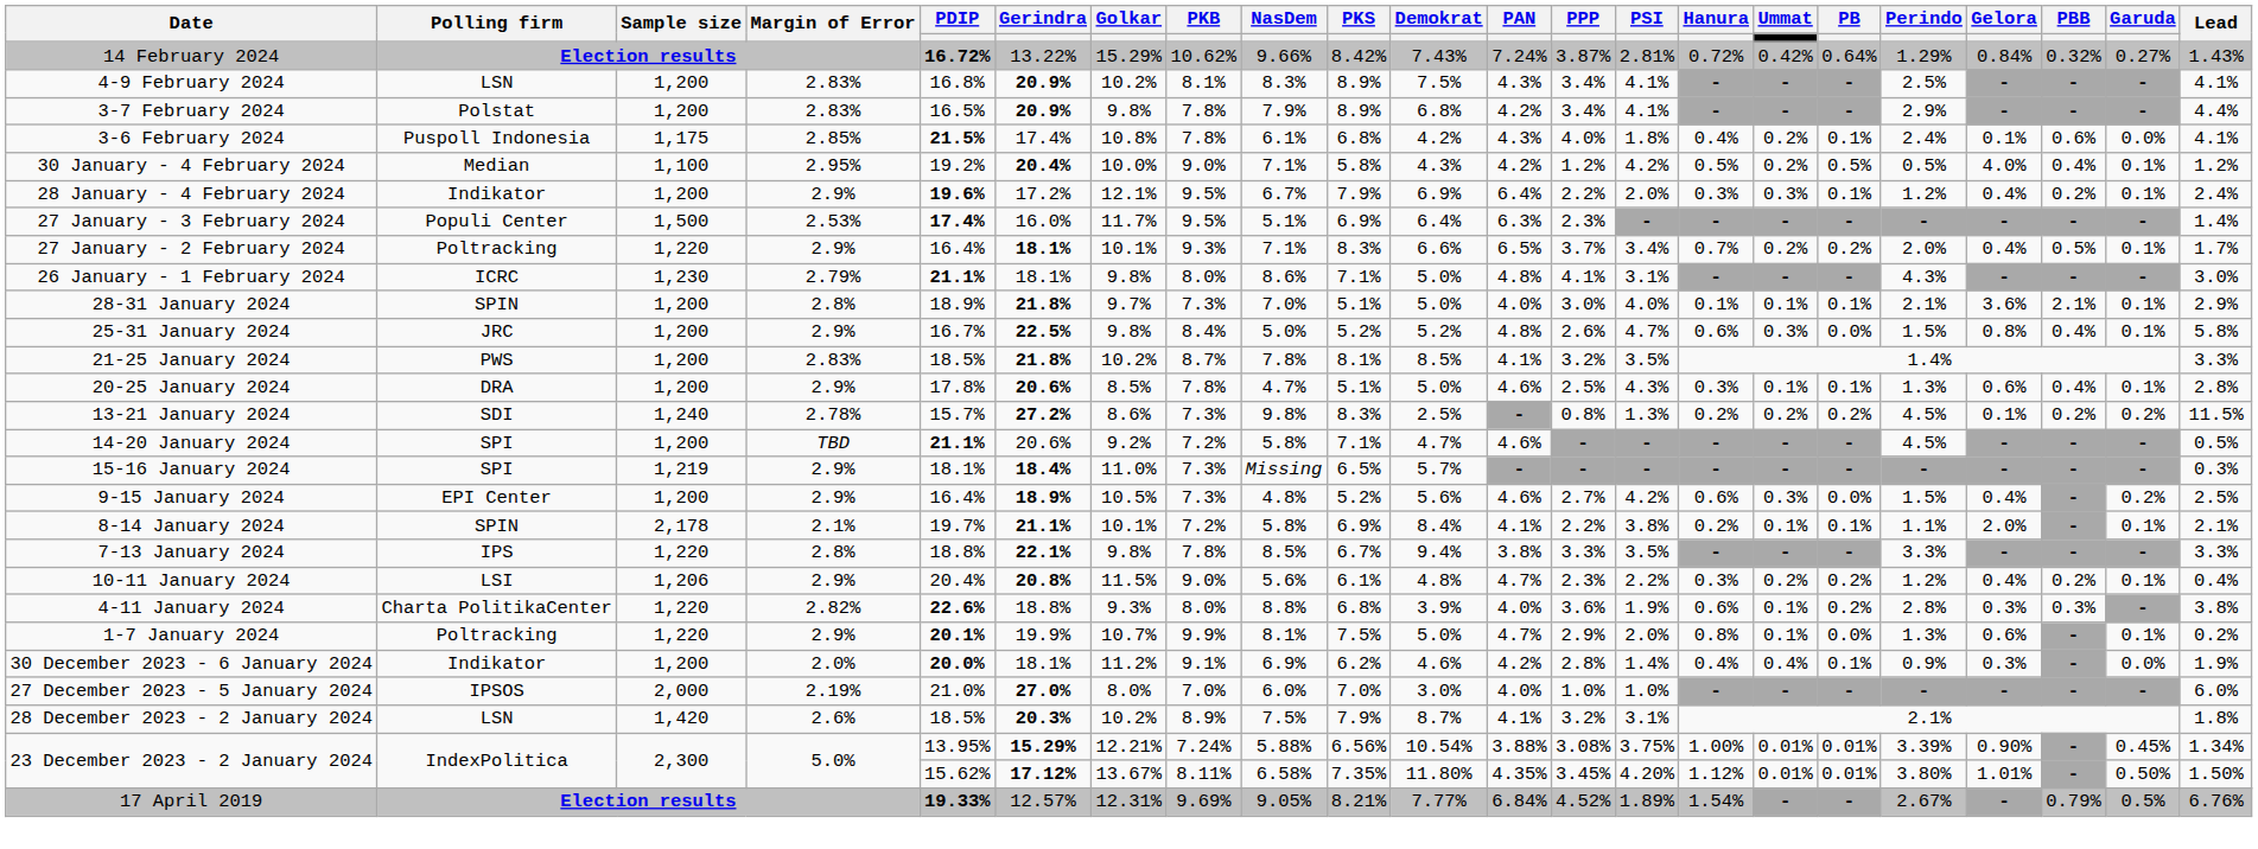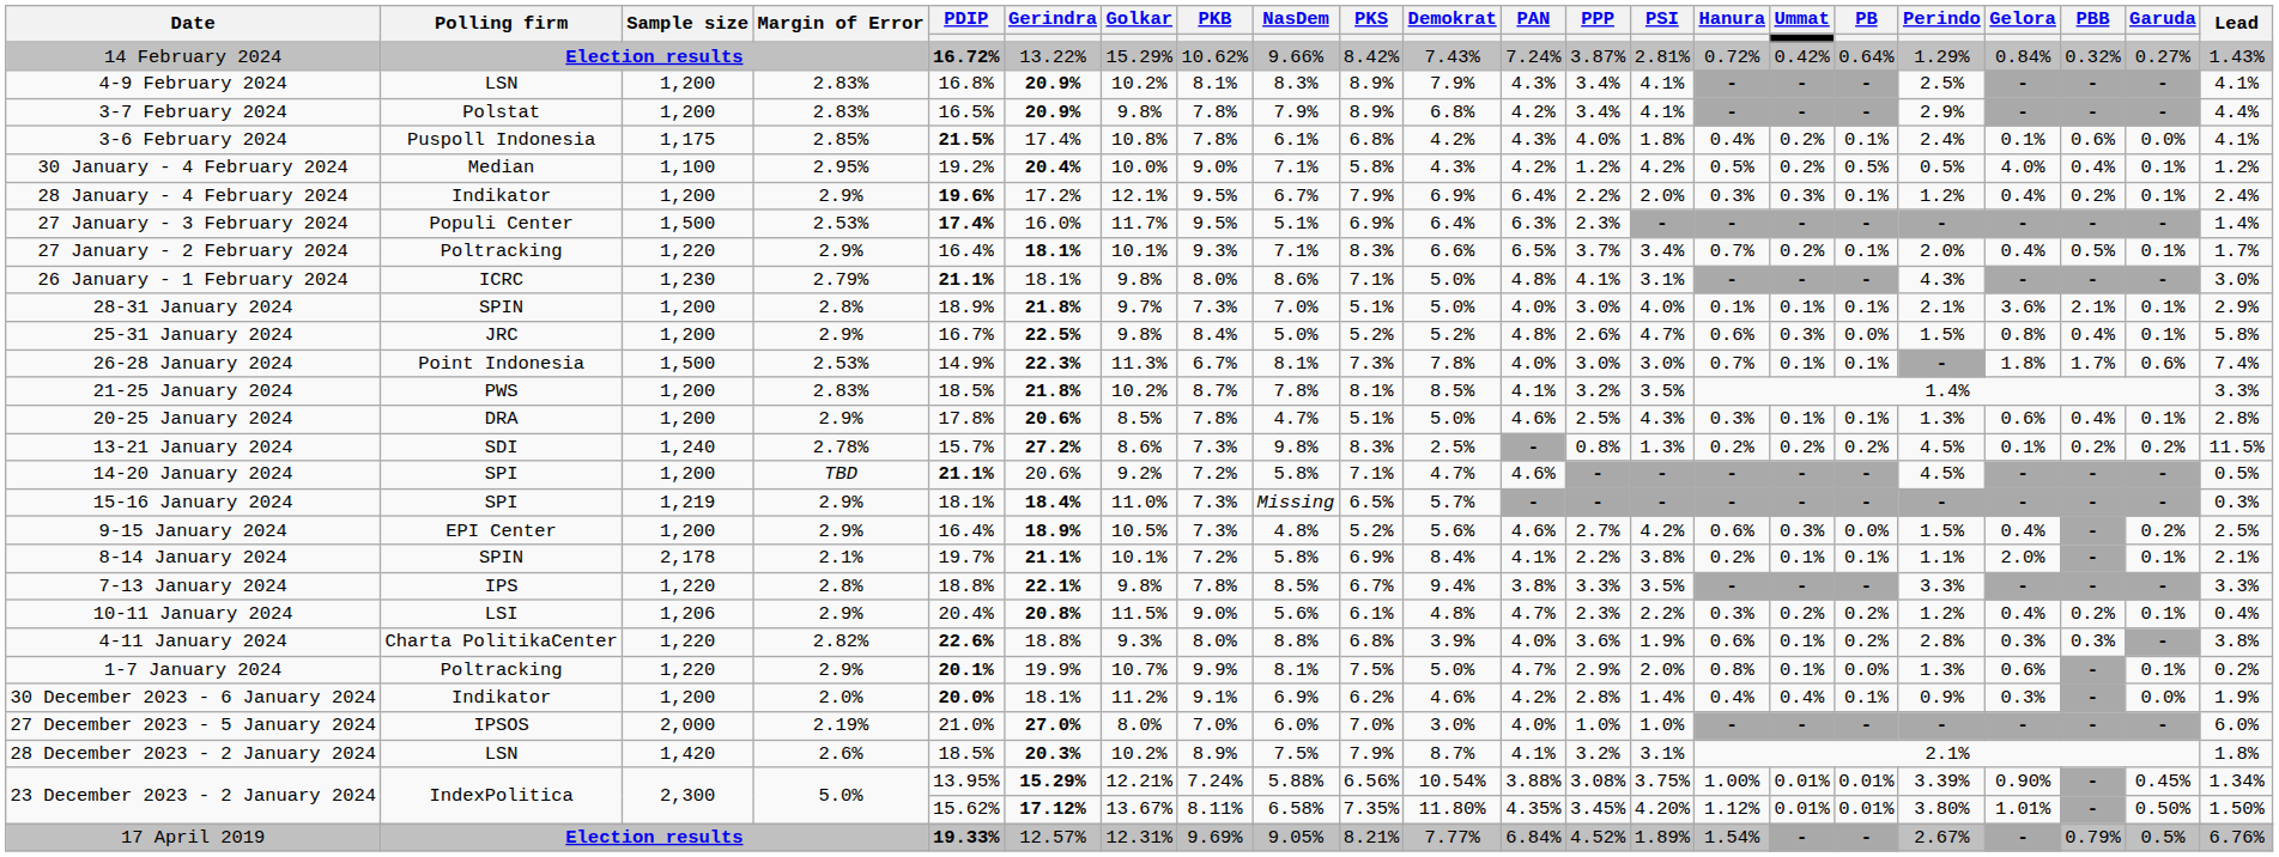 <table class="wikitable sortable" style="text-align:center;font-size:90%;line-height:12px">
 <tr>
 <th rowspan="2">Date</th>
 <th rowspan="2">Polling firm</th>
 <th rowspan="2">Sample size</th>
 <th rowspan="2">Margin of Error</th>
 <th><a href='#'>PDIP</a></th>
 <th><a href='#'>Gerindra</a></th>
 <th><a href='#'>Golkar</a></th>
 <th><a href='#'>PKB</a></th>
 <th><a href='#'>NasDem</a></th>
 <th><a href='#'>PKS</a></th>
 <th><a href='#'>Demokrat</a></th>
 <th><a href='#'>PAN</a></th>
 <th><a href='#'>PPP</a></th>
 <th><a href='#'>PSI</a></th>
 <th><a href='#'>Hanura</a></th>
 <th><a href='#'>Ummat</a></th>
 <th><a href='#'>PB</a></th>
 <th><a href='#'>Perindo</a></th>
 <th><a href='#'>Gelora</a></th>
 <th><a href='#'>PBB</a></th>
 <th><a href='#'>Garuda</a></th>
 <th style="width:40px;" rowspan="2">Lead</th>
 </tr>
 <tr>
 <th style="background:"></th>
 <th style="background:"></th>
 <th style="background:"></th>
 <th style="background:"></th>
 <th style="background:"></th>
 <th style="background:"></th>
 <th style="background:"></th>
 <th style="background:"></th>
 <th style="background:"></th>
 <th style="background:"></th>
 <th style="background:"></th>
 <th style="background:#000000"></th>
 <th style="background:"></th>
 <th style="background:"></th>
 <th style="background:"></th>
 <th style="background:"></th>
 <th style="background:"></th>
 </tr>
 <tr style=background:silver>
 <td>14 February 2024</td>
 <td colspan=3><strong><a href='#'>Election results</a></strong></td>
 <td style="background-color:#"><strong>16.72%</strong></td>
 <td>13.22%</td>
 <td>15.29%</td>
 <td>10.62%</td>
 <td>9.66%</td>
 <td>8.42%</td>
 <td>7.43%</td>
 <td>7.24%</td>
 <td>3.87%</td>
 <td>2.81%</td>
 <td>0.72%</td>
 <td>0.42%</td>
 <td>0.64%</td>
 <td>1.29%</td>
 <td>0.84%</td>
 <td>0.32%</td>
 <td>0.27%</td>
 <td style="background:">1.43%</td>
 </tr>
 <tr>
 <td>4-9 February 2024</td>
 <td>LSN</td>
 <td>1,200</td>
 <td>2.83%</td>
 <td>16.8% </td>
 <td style="background-color:#"><strong>20.9%</strong> </td>
 <td>10.2% </td>
 <td>8.1% </td>
 <td>8.3%</td>
 <td>8.9% </td>
-<td>7.5% </td>
+<td>7.9% </td>
 <td>4.3% </td>
 <td>3.4% </td>
 <td>4.1% </td>
 <td style="background:#A9A9A9"><strong>-</strong> </td>
 <td style="background:#A9A9A9"><strong>-</strong> </td>
 <td style="background:#A9A9A9"><strong>-</strong> </td>
 <td>2.5% </td>
 <td style="background:#A9A9A9"><strong>-</strong> </td>
 <td style="background:#A9A9A9"><strong>-</strong> </td>
 <td style="background:#A9A9A9"><strong>-</strong> </td>
 <td style="background:">4.1%</td>
 </tr>
 <tr>
 <td>3-7 February 2024</td>
 <td>Polstat</td>
 <td>1,200</td>
 <td>2.83%</td>
 <td>16.5% </td>
 <td style="background-color:#"><strong>20.9%</strong> </td>
 <td>9.8% </td>
 <td>7.8% </td>
 <td>7.9%</td>
 <td>8.9% </td>
 <td>6.8% </td>
 <td>4.2% </td>
 <td>3.4% </td>
 <td>4.1% </td>
 <td style="background:#A9A9A9"><strong>-</strong> </td>
 <td style="background:#A9A9A9"><strong>-</strong> </td>
 <td style="background:#A9A9A9"><strong>-</strong> </td>
 <td>2.9% </td>
 <td style="background:#A9A9A9"><strong>-</strong> </td>
 <td style="background:#A9A9A9"><strong>-</strong> </td>
 <td style="background:#A9A9A9"><strong>-</strong> </td>
 <td style="background:">4.4%</td>
 </tr>
 <tr>
 <td>3-6 February 2024</td>
 <td>Puspoll Indonesia</td>
 <td>1,175</td>
 <td>2.85%</td>
 <td style="background-color:#"><strong>21.5%</strong> </td>
 <td>17.4% </td>
 <td>10.8% </td>
 <td>7.8% </td>
 <td>6.1%</td>
 <td>6.8% </td>
 <td>4.2% </td>
 <td>4.3% </td>
 <td>4.0% </td>
 <td>1.8% </td>
 <td>0.4% </td>
 <td>0.2% </td>
 <td>0.1% </td>
 <td>2.4% </td>
 <td>0.1% </td>
 <td>0.6% </td>
 <td>0.0% </td>
 <td style="background:">4.1%</td>
 </tr>
 <tr>
 <td>30 January - 4 February 2024</td>
 <td>Median</td>
 <td>1,100</td>
 <td>2.95%</td>
 <td>19.2% </td>
 <td style="background-color:#"><strong>20.4%</strong> </td>
 <td>10.0% </td>
 <td>9.0% </td>
 <td>7.1%</td>
 <td>5.8% </td>
 <td>4.3% </td>
 <td>4.2% </td>
 <td>1.2% </td>
 <td>4.2% </td>
 <td>0.5% </td>
 <td>0.2% </td>
 <td>0.5% </td>
 <td>0.5% </td>
 <td>4.0% </td>
 <td>0.4% </td>
 <td>0.1% </td>
 <td style="background:">1.2%</td>
 </tr>
 <tr>
 <td>28 January - 4 February 2024</td>
 <td>Indikator</td>
 <td>1,200</td>
 <td>2.9%</td>
 <td style="background-color:#"><strong>19.6%</strong> </td>
 <td>17.2% </td>
 <td>12.1% </td>
 <td>9.5% </td>
 <td>6.7%</td>
 <td>7.9% </td>
 <td>6.9% </td>
 <td>6.4% </td>
 <td>2.2% </td>
 <td>2.0% </td>
 <td>0.3% </td>
 <td>0.3% </td>
 <td>0.1% </td>
 <td>1.2% </td>
 <td>0.4% </td>
 <td>0.2% </td>
 <td>0.1% </td>
 <td style="background:">2.4%</td>
 </tr>
 <tr>
 <td>27 January - 3 February 2024</td>
 <td>Populi Center</td>
 <td>1,500</td>
 <td>2.53%</td>
 <td style="background-color:#"><strong>17.4%</strong> </td>
 <td>16.0% </td>
 <td>11.7% </td>
 <td>9.5% </td>
 <td>5.1%</td>
 <td>6.9% </td>
 <td>6.4% </td>
 <td>6.3% </td>
 <td>2.3% </td>
 <td style="background:#A9A9A9"><strong>-</strong> </td>
 <td style="background:#A9A9A9"><strong>-</strong> </td>
 <td style="background:#A9A9A9"><strong>-</strong> </td>
 <td style="background:#A9A9A9"><strong>-</strong> </td>
 <td style="background:#A9A9A9"><strong>-</strong> </td>
 <td style="background:#A9A9A9"><strong>-</strong> </td>
 <td style="background:#A9A9A9"><strong>-</strong> </td>
 <td style="background:#A9A9A9"><strong>-</strong> </td>
 <td style="background:">1.4%</td>
 </tr>
 <tr>
 <td>27 January - 2 February 2024</td>
 <td>Poltracking</td>
 <td>1,220</td>
 <td>2.9%</td>
 <td>16.4% </td>
 <td style="background-color:#"><strong>18.1%</strong> </td>
 <td>10.1% </td>
 <td>9.3% </td>
 <td>7.1%</td>
 <td>8.3% </td>
 <td>6.6% </td>
 <td>6.5% </td>
 <td>3.7% </td>
 <td>3.4% </td>
 <td>0.7% </td>
 <td>0.2% </td>
-<td>0.2%</td>
+<td>0.1% </td>
 <td>2.0% </td>
 <td>0.4% </td>
 <td>0.5% </td>
 <td>0.1% </td>
 <td style="background:">1.7%</td>
 </tr>
 <tr>
 <td>26 January - 1 February 2024</td>
 <td>ICRC</td>
 <td>1,230</td>
 <td>2.79%</td>
 <td style="background-color:#"><strong>21.1%</strong> </td>
 <td>18.1% </td>
 <td>9.8% </td>
 <td>8.0% </td>
 <td>8.6%</td>
 <td>7.1% </td>
 <td>5.0% </td>
 <td>4.8% </td>
 <td>4.1% </td>
 <td>3.1% </td>
 <td style="background:#A9A9A9"><strong>-</strong> </td>
 <td style="background:#A9A9A9"><strong>-</strong> </td>
 <td style="background:#A9A9A9"><strong>-</strong> </td>
 <td>4.3% </td>
 <td style="background:#A9A9A9"><strong>-</strong> </td>
 <td style="background:#A9A9A9"><strong>-</strong> </td>
 <td style="background:#A9A9A9"><strong>-</strong> </td>
 <td style="background:">3.0%</td>
 </tr>
 <tr>
 <td>28-31 January 2024</td>
 <td>SPIN</td>
 <td>1,200</td>
 <td>2.8%</td>
 <td>18.9% </td>
 <td style="background-color:#"><strong>21.8%</strong> </td>
 <td>9.7% </td>
 <td>7.3% </td>
 <td>7.0%</td>
 <td>5.1% </td>
 <td>5.0% </td>
 <td>4.0% </td>
 <td>3.0% </td>
 <td>4.0% </td>
 <td>0.1% </td>
 <td>0.1% </td>
 <td>0.1% </td>
 <td>2.1% </td>
 <td>3.6% </td>
 <td>2.1% </td>
 <td>0.1% </td>
 <td style="background:">2.9%</td>
 </tr>
 <tr>
 <td>25-31 January 2024</td>
 <td>JRC</td>
 <td>1,200</td>
 <td>2.9%</td>
 <td>16.7% </td>
 <td style="background-color:#"><strong>22.5%</strong> </td>
 <td>9.8% </td>
 <td>8.4% </td>
 <td>5.0%</td>
 <td>5.2% </td>
 <td>5.2% </td>
 <td>4.8% </td>
 <td>2.6% </td>
 <td>4.7% </td>
 <td>0.6% </td>
 <td>0.3% </td>
 <td>0.0% </td>
 <td>1.5% </td>
 <td>0.8% </td>
 <td>0.4% </td>
 <td>0.1% </td>
 <td style="background:">5.8%</td>
+</tr>
+<tr>
+<td>26-28 January 2024</td>
+<td>Point Indonesia</td>
+<td>1,500</td>
+<td>2.53%</td>
+<td>14.9% </td>
+<td style="background-color:#"><strong>22.3%</strong> </td>
+<td>11.3% </td>
+<td>6.7% </td>
+<td>8.1%</td>
+<td>7.3% </td>
+<td>7.8% </td>
+<td>4.0% </td>
+<td>3.0% </td>
+<td>3.0% </td>
+<td>0.7% </td>
+<td>0.1% </td>
+<td>0.1% </td>
+<td style="background:#A9A9A9"><strong>-</strong> </td>
+<td>1.8% </td>
+<td>1.7% </td>
+<td>0.6% </td>
+<td style="background:">7.4%</td>
 </tr>
 <tr>
 <td>21-25 January 2024</td>
 <td>PWS</td>
 <td>1,200</td>
 <td>2.83%</td>
 <td>18.5% </td>
 <td style="background-color:#"><strong>21.8%</strong> </td>
 <td>10.2% </td>
 <td>8.7% </td>
 <td>7.8%</td>
 <td>8.1% </td>
 <td>8.5% </td>
 <td>4.1%</td>
 <td>3.2% </td>
 <td>3.5% </td>
 <td colspan="7">1.4%</td>
 <td style="background:">3.3%</td>
 </tr>
 <tr>
 <td>20-25 January 2024</td>
 <td>DRA</td>
 <td>1,200</td>
 <td>2.9%</td>
 <td>17.8% </td>
 <td style="background-color:#"><strong>20.6%</strong> </td>
 <td>8.5% </td>
 <td>7.8% </td>
 <td>4.7%</td>
 <td>5.1% </td>
 <td>5.0% </td>
 <td>4.6% </td>
 <td>2.5% </td>
 <td>4.3% </td>
 <td>0.3% </td>
 <td>0.1% </td>
 <td>0.1%</td>
 <td>1.3% </td>
 <td>0.6%</td>
 <td>0.4% </td>
 <td>0.1% </td>
 <td style="background:">2.8%</td>
 </tr>
 <tr>
 <td>13-21 January 2024</td>
 <td>SDI</td>
 <td>1,240</td>
 <td>2.78%</td>
 <td>15.7% </td>
 <td style="background-color:#"><strong>27.2%</strong> </td>
 <td>8.6% </td>
 <td>7.3% </td>
 <td>9.8%</td>
 <td>8.3% </td>
 <td>2.5% </td>
 <td style="background:#A9A9A9"><strong>-</strong></td>
 <td>0.8% </td>
 <td>1.3% </td>
 <td>0.2% </td>
 <td>0.2% </td>
 <td>0.2% </td>
 <td>4.5% </td>
 <td>0.1%</td>
 <td>0.2% </td>
 <td>0.2% </td>
 <td style="background:">11.5%</td>
 </tr>
 <tr>
 <td>14-20 January 2024</td>
 <td>SPI</td>
 <td>1,200</td>
 <td><em>TBD</em></td>
 <td style="background-color:#"><strong>21.1%</strong> </td>
 <td>20.6% </td>
 <td>9.2% </td>
 <td>7.2% </td>
 <td>5.8%</td>
 <td>7.1% </td>
 <td>4.7% </td>
 <td>4.6% </td>
 <td style="background:#A9A9A9"><strong>-</strong></td>
 <td style="background:#A9A9A9"><strong>-</strong></td>
 <td style="background:#A9A9A9"><strong>-</strong></td>
 <td style="background:#A9A9A9"><strong>-</strong></td>
 <td style="background:#A9A9A9"><strong>-</strong></td>
 <td>4.5% </td>
 <td style="background:#A9A9A9"><strong>-</strong></td>
 <td style="background:#A9A9A9"><strong>-</strong></td>
 <td style="background:#A9A9A9"><strong>-</strong></td>
 <td style="background:">0.5%</td>
 </tr>
 <tr>
 <td>15-16 January 2024</td>
 <td>SPI</td>
 <td>1,219</td>
 <td>2.9%</td>
 <td>18.1% </td>
 <td style="background-color:#"><strong>18.4%</strong> </td>
 <td>11.0% </td>
 <td>7.3% </td>
 <td><em>Missing</em> </td>
 <td>6.5% </td>
 <td>5.7% </td>
 <td style="background:#A9A9A9"><strong>-</strong></td>
 <td style="background:#A9A9A9"><strong>-</strong></td>
 <td style="background:#A9A9A9"><strong>-</strong></td>
 <td style="background:#A9A9A9"><strong>-</strong></td>
 <td style="background:#A9A9A9"><strong>-</strong></td>
 <td style="background:#A9A9A9"><strong>-</strong></td>
 <td style="background:#A9A9A9"><strong>-</strong></td>
 <td style="background:#A9A9A9"><strong>-</strong></td>
 <td style="background:#A9A9A9"><strong>-</strong></td>
 <td style="background:#A9A9A9"><strong>-</strong></td>
 <td style="background:">0.3%</td>
 </tr>
 <tr>
 <td>9-15 January 2024</td>
 <td>EPI Center</td>
 <td>1,200</td>
 <td>2.9%</td>
 <td>16.4% </td>
 <td style="background-color:#"><strong>18.9%</strong> </td>
 <td>10.5% </td>
 <td>7.3% </td>
 <td>4.8% </td>
 <td>5.2% </td>
 <td>5.6% </td>
 <td>4.6% </td>
 <td>2.7% </td>
 <td>4.2% </td>
 <td>0.6%</td>
 <td>0.3%</td>
 <td>0.0%</td>
 <td>1.5% </td>
 <td>0.4%</td>
 <td style="background:#A9A9A9"><strong>-</strong></td>
 <td>0.2%</td>
 <td style="background:">2.5%</td>
 </tr>
 <tr>
 <td>8-14 January 2024</td>
 <td>SPIN</td>
 <td>2,178</td>
 <td>2.1%</td>
 <td>19.7% </td>
 <td style="background-color:#"><strong>21.1%</strong> </td>
 <td>10.1% </td>
 <td>7.2% </td>
 <td>5.8% </td>
 <td>6.9% </td>
 <td>8.4% </td>
 <td>4.1% </td>
 <td>2.2% </td>
 <td>3.8% </td>
 <td>0.2%</td>
 <td>0.1% </td>
 <td>0.1%</td>
 <td>1.1% </td>
 <td>2.0%</td>
 <td style="background:#A9A9A9"><strong>-</strong></td>
 <td>0.1%</td>
 <td style="background:">2.1%</td>
 </tr>
 <tr>
 <td>7-13 January 2024</td>
 <td>IPS</td>
 <td>1,220</td>
 <td>2.8%</td>
 <td>18.8% </td>
 <td style="background-color:#"><strong>22.1%</strong> </td>
 <td>9.8% </td>
 <td>7.8% </td>
 <td>8.5% </td>
 <td>6.7% </td>
 <td>9.4% </td>
 <td>3.8% </td>
 <td>3.3% </td>
 <td>3.5% </td>
 <td style="background:#A9A9A9"><strong>-</strong></td>
 <td style="background:#A9A9A9"><strong>-</strong></td>
 <td style="background:#A9A9A9"><strong>-</strong></td>
 <td>3.3% </td>
 <td style="background:#A9A9A9"><strong>-</strong></td>
 <td style="background:#A9A9A9"><strong>-</strong></td>
 <td style="background:#A9A9A9"><strong>-</strong></td>
 <td style="background:">3.3%</td>
 </tr>
 <tr>
 <td>10-11 January 2024</td>
 <td>LSI</td>
 <td>1,206</td>
 <td>2.9%</td>
 <td>20.4% </td>
 <td style="background-color:#"><strong>20.8%</strong> </td>
 <td>11.5% </td>
 <td>9.0% </td>
 <td>5.6% </td>
 <td>6.1% </td>
 <td>4.8% </td>
 <td>4.7% </td>
 <td>2.3% </td>
 <td>2.2% </td>
 <td>0.3%</td>
 <td>0.2%</td>
 <td>0.2%</td>
 <td>1.2% </td>
 <td>0.4%</td>
 <td>0.2%</td>
 <td>0.1%</td>
 <td style="background:">0.4%</td>
 </tr>
 <tr>
 <td>4-11 January 2024</td>
 <td>Charta PolitikaCenter</td>
 <td>1,220</td>
 <td>2.82%</td>
 <td style="background-color:#"><strong>22.6%</strong> </td>
 <td>18.8% </td>
 <td>9.3% </td>
 <td>8.0% </td>
 <td>8.8% </td>
 <td>6.8% </td>
 <td>3.9% </td>
 <td>4.0% </td>
 <td>3.6% </td>
 <td>1.9% </td>
 <td>0.6%</td>
 <td>0.1%</td>
 <td>0.2%</td>
 <td>2.8% </td>
 <td>0.3%</td>
 <td>0.3%</td>
 <td style="background:#A9A9A9"><strong>-</strong></td>
 <td style="background:">3.8%</td>
 </tr>
 <tr>
 <td>1-7 January 2024</td>
 <td>Poltracking</td>
 <td>1,220</td>
 <td>2.9%</td>
 <td style="background-color:#"><strong>20.1%</strong> </td>
 <td>19.9% </td>
 <td>10.7% </td>
 <td>9.9% </td>
 <td>8.1% </td>
 <td>7.5% </td>
 <td>5.0% </td>
 <td>4.7% </td>
 <td>2.9% </td>
 <td>2.0% </td>
 <td>0.8%</td>
 <td>0.1%</td>
 <td>0.0% </td>
 <td>1.3% </td>
 <td>0.6%</td>
 <td style="background:#A9A9A9"><strong>-</strong></td>
 <td>0.1%</td>
 <td style="background:">0.2%</td>
 </tr>
 <tr>
 <td>30 December 2023 - 6 January 2024</td>
 <td>Indikator</td>
 <td>1,200</td>
 <td>2.0%</td>
 <td style="background-color:#"><strong>20.0%</strong> </td>
 <td>18.1% </td>
 <td>11.2% </td>
 <td>9.1% </td>
 <td>6.9% </td>
 <td>6.2% </td>
 <td>4.6% </td>
 <td>4.2% </td>
 <td>2.8% </td>
 <td>1.4% </td>
 <td>0.4%</td>
 <td>0.4%</td>
 <td>0.1%</td>
 <td>0.9% </td>
 <td>0.3%</td>
 <td style="background:#A9A9A9"><strong>-</strong></td>
 <td>0.0%</td>
 <td style="background:">1.9%</td>
 </tr>
 <tr>
 <td>27 December 2023 - 5 January 2024</td>
 <td>IPSOS</td>
 <td>2,000</td>
 <td>2.19%</td>
 <td>21.0% </td>
 <td style="background-color:#"><strong>27.0%</strong> </td>
 <td>8.0% </td>
 <td>7.0% </td>
 <td>6.0% </td>
 <td>7.0% </td>
 <td>3.0% </td>
 <td>4.0% </td>
 <td>1.0% </td>
 <td>1.0% </td>
 <td style="background:#A9A9A9"><strong>-</strong></td>
 <td style="background:#A9A9A9"><strong>-</strong></td>
 <td style="background:#A9A9A9"><strong>-</strong></td>
 <td style="background:#A9A9A9"><strong>-</strong></td>
 <td style="background:#A9A9A9"><strong>-</strong></td>
 <td style="background:#A9A9A9"><strong>-</strong></td>
 <td style="background:#A9A9A9"><strong>-</strong></td>
 <td style="background:">6.0%</td>
 </tr>
 <tr>
 <td>28 December 2023 - 2 January 2024</td>
 <td>LSN</td>
 <td>1,420</td>
 <td>2.6%</td>
 <td>18.5% </td>
 <td style="background-color:#"><strong>20.3%</strong> </td>
 <td>10.2% </td>
 <td>8.9% </td>
 <td>7.5% </td>
 <td>7.9% </td>
 <td>8.7% </td>
 <td>4.1% </td>
 <td>3.2% </td>
 <td>3.1% </td>
 <td colspan="7">2.1%</td>
 <td style="background:">1.8%</td>
 </tr>
 <tr>
 <td rowspan="2">23 December 2023 - 2 January 2024</td>
 <td rowspan="2">IndexPolitica</td>
 <td rowspan="2">2,300</td>
 <td rowspan="2">5.0%</td>
 <td>13.95% </td>
 <td style="background-color:#"><strong>15.29%</strong> </td>
 <td>12.21% </td>
 <td>7.24% </td>
 <td>5.88% </td>
 <td>6.56% </td>
 <td>10.54% </td>
 <td>3.88% </td>
 <td>3.08% </td>
 <td>3.75% </td>
 <td>1.00%</td>
 <td>0.01%</td>
 <td>0.01%</td>
 <td>3.39% </td>
 <td>0.90%</td>
 <td style="background:#A9A9A9"><strong>-</strong></td>
 <td>0.45%</td>
 <td style="background:">1.34%</td>
 </tr>
 <tr>
 <td>15.62% </td>
 <td style="background-color:#"><strong>17.12%</strong> </td>
 <td>13.67% </td>
 <td>8.11% </td>
 <td>6.58% </td>
 <td>7.35% </td>
 <td>11.80% </td>
 <td>4.35% </td>
 <td>3.45% </td>
 <td>4.20% </td>
 <td>1.12%</td>
 <td>0.01%</td>
 <td>0.01%</td>
 <td>3.80% </td>
 <td>1.01%</td>
 <td style="background:#A9A9A9"><strong>-</strong></td>
 <td>0.50%</td>
 <td style="background:">1.50%</td>
 </tr>
 <tr>
 </tr>
 <tr style=background:silver>
 <td data-sort-value=17-4-2019>17 April 2019</td>
 <td colspan=3><strong><a href='#'>Election results</a></strong></td>
 <td style="background-color:#"><strong>19.33%</strong></td>
 <td>12.57%</td>
 <td>12.31%</td>
 <td>9.69%</td>
 <td>9.05%</td>
 <td>8.21%</td>
 <td>7.77%	</td>
 <td>6.84%</td>
 <td>4.52%</td>
 <td>1.89%	</td>
 <td>1.54%	</td>
 <td style="background:#A9A9A9"><strong>-</strong></td>
 <td style="background:#A9A9A9"><strong>-</strong></td>
 <td>2.67%</td>
 <td style="background:#A9A9A9"><strong>-</strong></td>
 <td>0.79%</td>
 <td>0.5%</td>
 <td style="background:">6.76%</td>
 </tr>
 </table>
